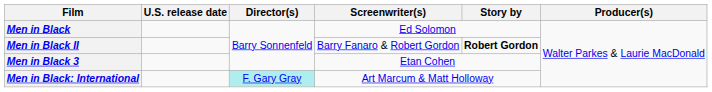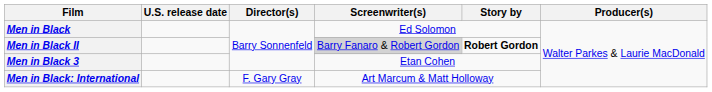 <table class="wikitable plainrowheaders" style="text-align:center;">
 <tr>
 <th>Film</th>
 <th>U.S. release date</th>
 <th>Director(s)</th>
 <th>Screenwriter(s)</th>
 <th>Story by</th>
 <th>Producer(s)</th>
 </tr>
 <tr>
 <th scope="row" style="text-align:left"><em><a href='#'>Men in Black</a></em></th>
 <td style="text-align:left"></td>
 <td rowspan="3"><a href='#'>Barry Sonnenfeld</a></td>
 <td colspan="2"><a href='#'>Ed Solomon</a></td>
 <td rowspan="4"><a href='#'>Walter Parkes</a> & <a href='#'>Laurie MacDonald</a></td>
 </tr>
 <tr>
 <th scope="row" style="text-align:left"><em><a href='#'>Men in Black II</a></em></th>
 <td style="text-align:left"></td>
-<td><a href='#'>Barry Fanaro</a> & <a href='#'>Robert Gordon</a></td>
+<td style="background: lightgrey;"><a href='#'>Barry Fanaro</a> & <a href='#'>Robert Gordon</a></td>
 <td><strong>Robert Gordon</strong></td>
 </tr>
 <tr>
 <th scope="row" style="text-align:left"><em><a href='#'>Men in Black 3</a></em></th>
 <td style="text-align:left"></td>
 <td colspan="2"><a href='#'>Etan Cohen</a></td>
 </tr>
 <tr>
 <th scope="row" style="text-align:left"><em><a href='#'>Men in Black: International</a></em></th>
 <td style="text-align:left"></td>
-<td style="background: paleturquoise;"><a href='#'>F. Gary Gray</a></td>
+<td><a href='#'>F. Gary Gray</a></td>
 <td colspan="2"><a href='#'>Art Marcum & Matt Holloway</a></td>
 </tr>
 </table>
